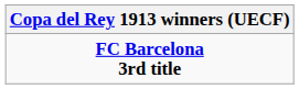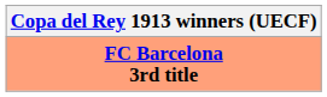 <table class="wikitable" style="text-align: center; margin: 0 auto;">
 <tr>
 <th><a href='#'>Copa del Rey</a> 1913 winners (UECF)</th>
 </tr>
 <tr>
-<td><strong><a href='#'>FC Barcelona</a></strong><br><strong>3rd title</strong></td>
+<td style="background: lightsalmon;"><strong><a href='#'>FC Barcelona</a></strong><br><strong>3rd title</strong></td>
 </tr>
 </table>
